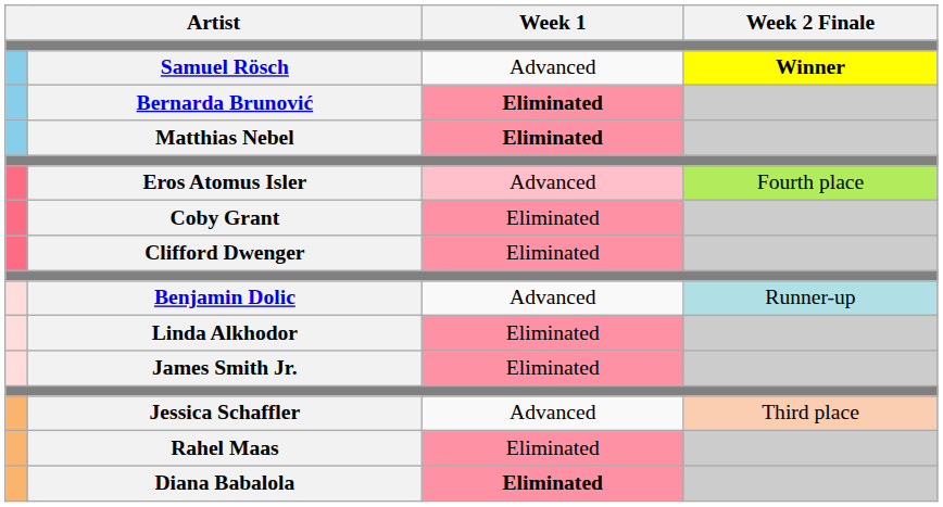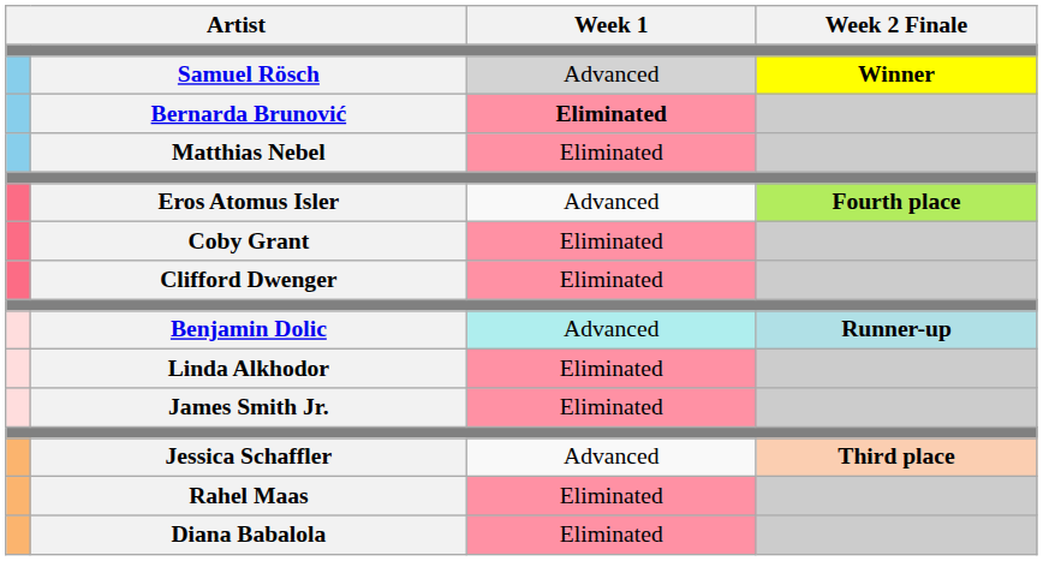 <table class="wikitable" style="font-size:90%; text-align:center" width="50%">
 <tr>
 <th style="width:18%" colspan="2" scope="col">Artist</th>
 <th style="width:11%" colspan="1" scope="col">Week 1</th>
 <th style="width:11%" colspan="1" scope="col">Week 2 Finale</th>
 </tr>
 <tr>
 <th colspan="7" style="background:grey;"></th>
 </tr>
 <tr>
 <th style="background:#87ceeb;"></th>
 <th><a href='#'>Samuel Rösch</a></th>
-<td>Advanced</td>
+<td style="background: lightgrey;">Advanced</td>
 <td style="background:yellow;"><strong>Winner</strong></td>
 </tr>
 <tr>
 <th style="background:#87ceeb;"></th>
 <th><a href='#'>Bernarda Brunović</a></th>
 <td style="background:#FF91A4;"><strong>Eliminated</strong></td>
 <td style="background:#ccc;"></td>
 </tr>
 <tr>
 <th style="background:#87ceeb;"></th>
 <th>Matthias Nebel</th>
-<td style="background:#FF91A4;"><strong>Eliminated</strong></td>
+<td style="background:#FF91A4;">Eliminated</td>
 <td style="background:#ccc;"></td>
 </tr>
 <tr>
 <th colspan="7" style="background:grey;"></th>
 </tr>
 <tr>
 <th style="background:#FC6C85"></th>
 <th>Eros Atomus Isler</th>
-<td style="background: pink;">Advanced</td>
-<td style="background:#B2EC5D;">Fourth place</td>
+<td>Advanced</td>
+<td style="background:#B2EC5D;"><strong>Fourth place</strong></td>
 </tr>
 <tr>
 <th style="background:#FC6C85"></th>
 <th>Coby Grant</th>
 <td style="background:#FF91A4;">Eliminated</td>
 <td style="background:#ccc;"></td>
 </tr>
 <tr>
 <th style="background:#FC6C85"></th>
 <th>Clifford Dwenger</th>
 <td style="background:#FF91A4;">Eliminated</td>
 <td style="background:#ccc;"></td>
 </tr>
 <tr>
 <th colspan="7" style="background:grey;"></th>
 </tr>
 <tr>
 <th style="background:#ffdddd;"></th>
 <th><a href='#'>Benjamin Dolic</a></th>
-<td>Advanced</td>
-<td style="background:#B0E0E6;">Runner-up</td>
+<td style="background: paleturquoise;">Advanced</td>
+<td style="background:#B0E0E6;"><strong>Runner-up</strong></td>
 </tr>
 <tr>
 <th style="background:#ffdddd;"></th>
 <th>Linda Alkhodor</th>
 <td style="background:#FF91A4;">Eliminated</td>
 <td style="background:#ccc;"></td>
 </tr>
 <tr>
 <th style="background:#ffdddd;"></th>
 <th>James Smith Jr.</th>
 <td style="background:#FF91A4;">Eliminated</td>
 <td style="background:#ccc;"></td>
 </tr>
 <tr>
 <th colspan="7" style="background:grey;"></th>
 </tr>
 <tr>
 <th style="background:#fbb46e;"></th>
 <th>Jessica Schaffler</th>
 <td>Advanced</td>
-<td style="background:#FBCEB1;">Third place</td>
+<td style="background:#FBCEB1;"><strong>Third place</strong></td>
 </tr>
 <tr>
 <th style="background:#fbb46e;"></th>
 <th>Rahel Maas</th>
 <td style="background:#FF91A4;">Eliminated</td>
 <td style="background:#ccc;"></td>
 </tr>
 <tr>
 <th style="background:#fbb46e;"></th>
 <th>Diana Babalola</th>
-<td style="background:#FF91A4;"><strong>Eliminated</strong></td>
+<td style="background:#FF91A4;">Eliminated</td>
 <td style="background:#ccc;"></td>
 </tr>
 </table>
